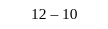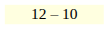 <table style="text-align:center">
 <tr>
 <th width=200></th>
 <th width=100></th>
 <th width=200></th>
 </tr>
 <tr>
 <td align=right><strong></strong></td>
-<td>12 – 10</td>
+<td style="background: lightyellow;">12 – 10</td>
 <td align=left></td>
 </tr>
 </table>
